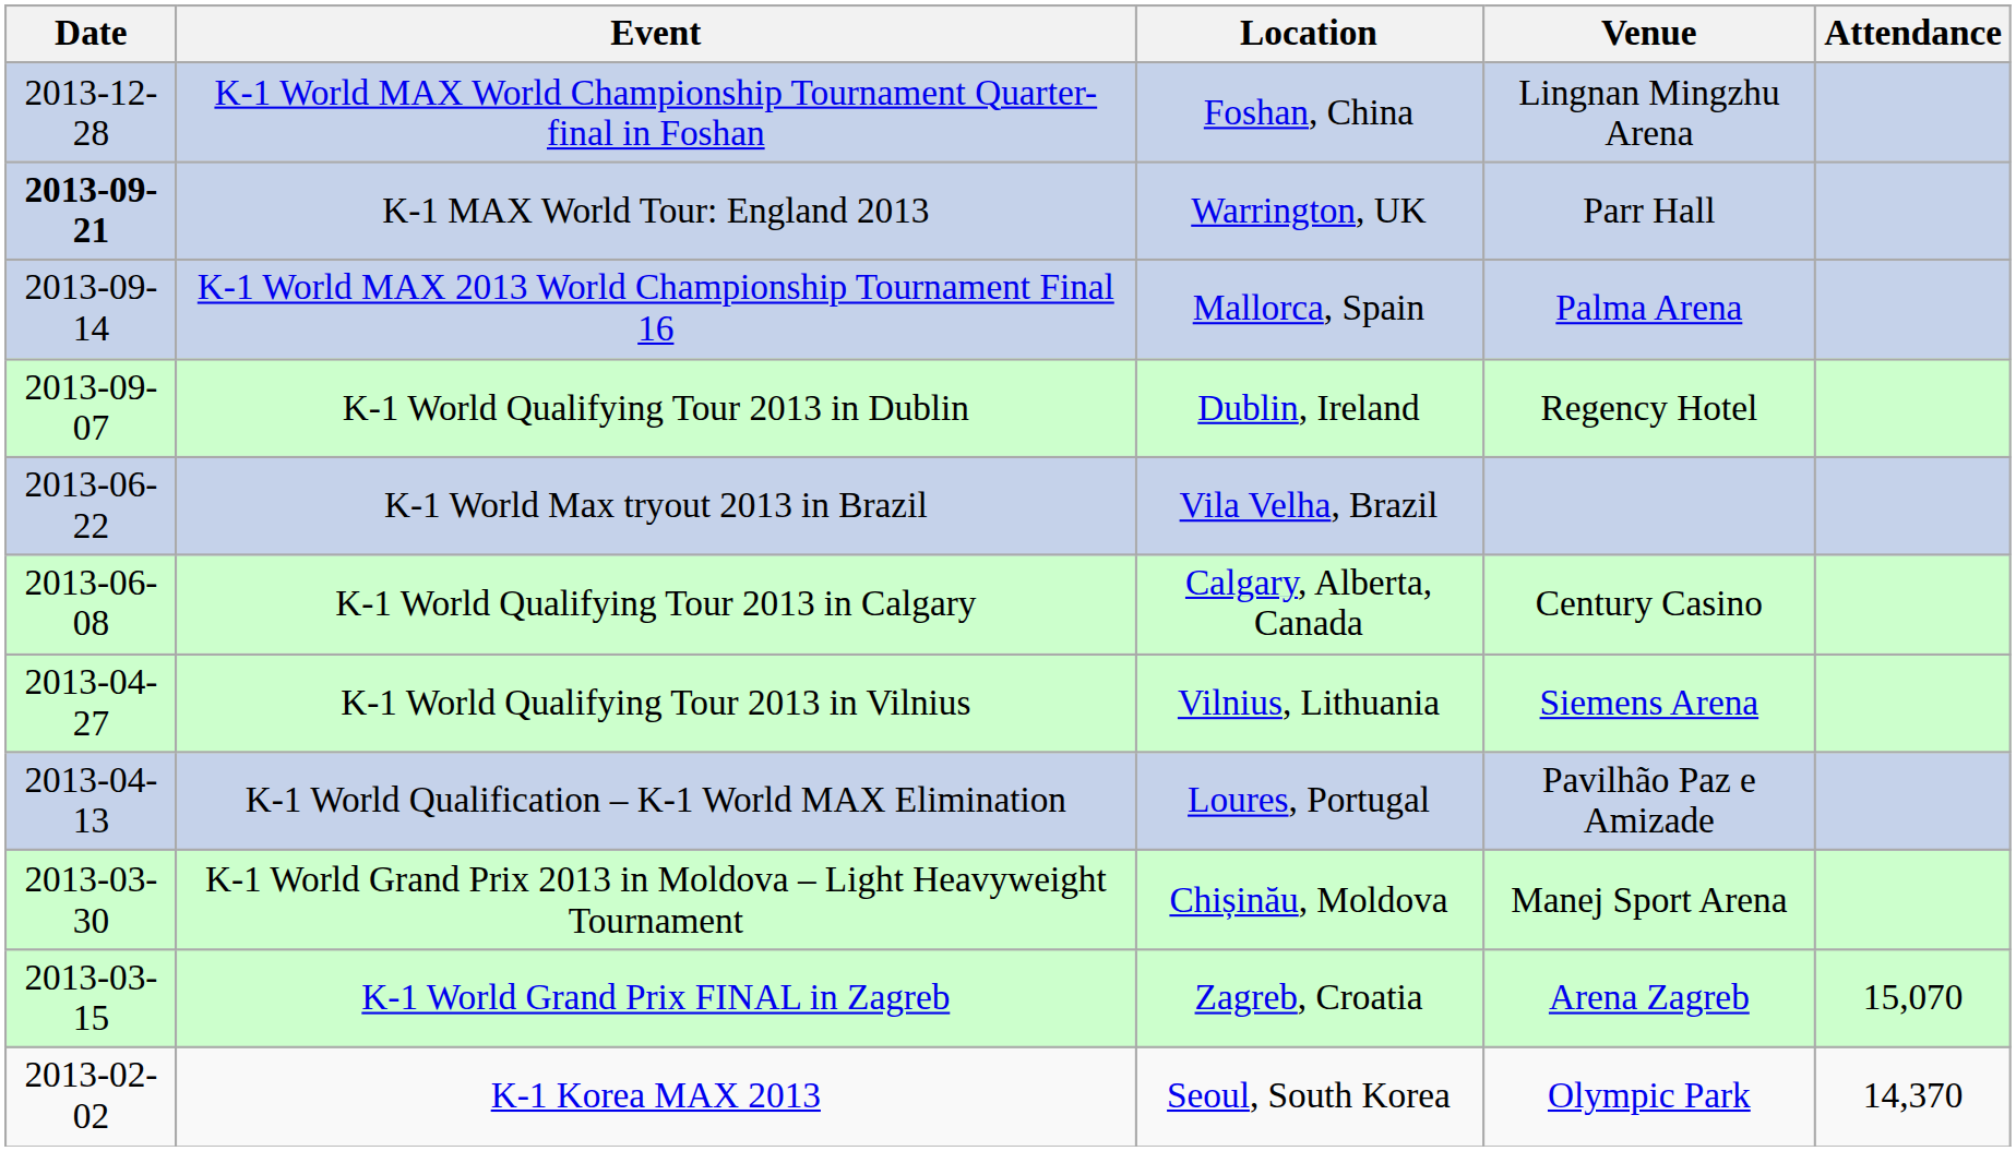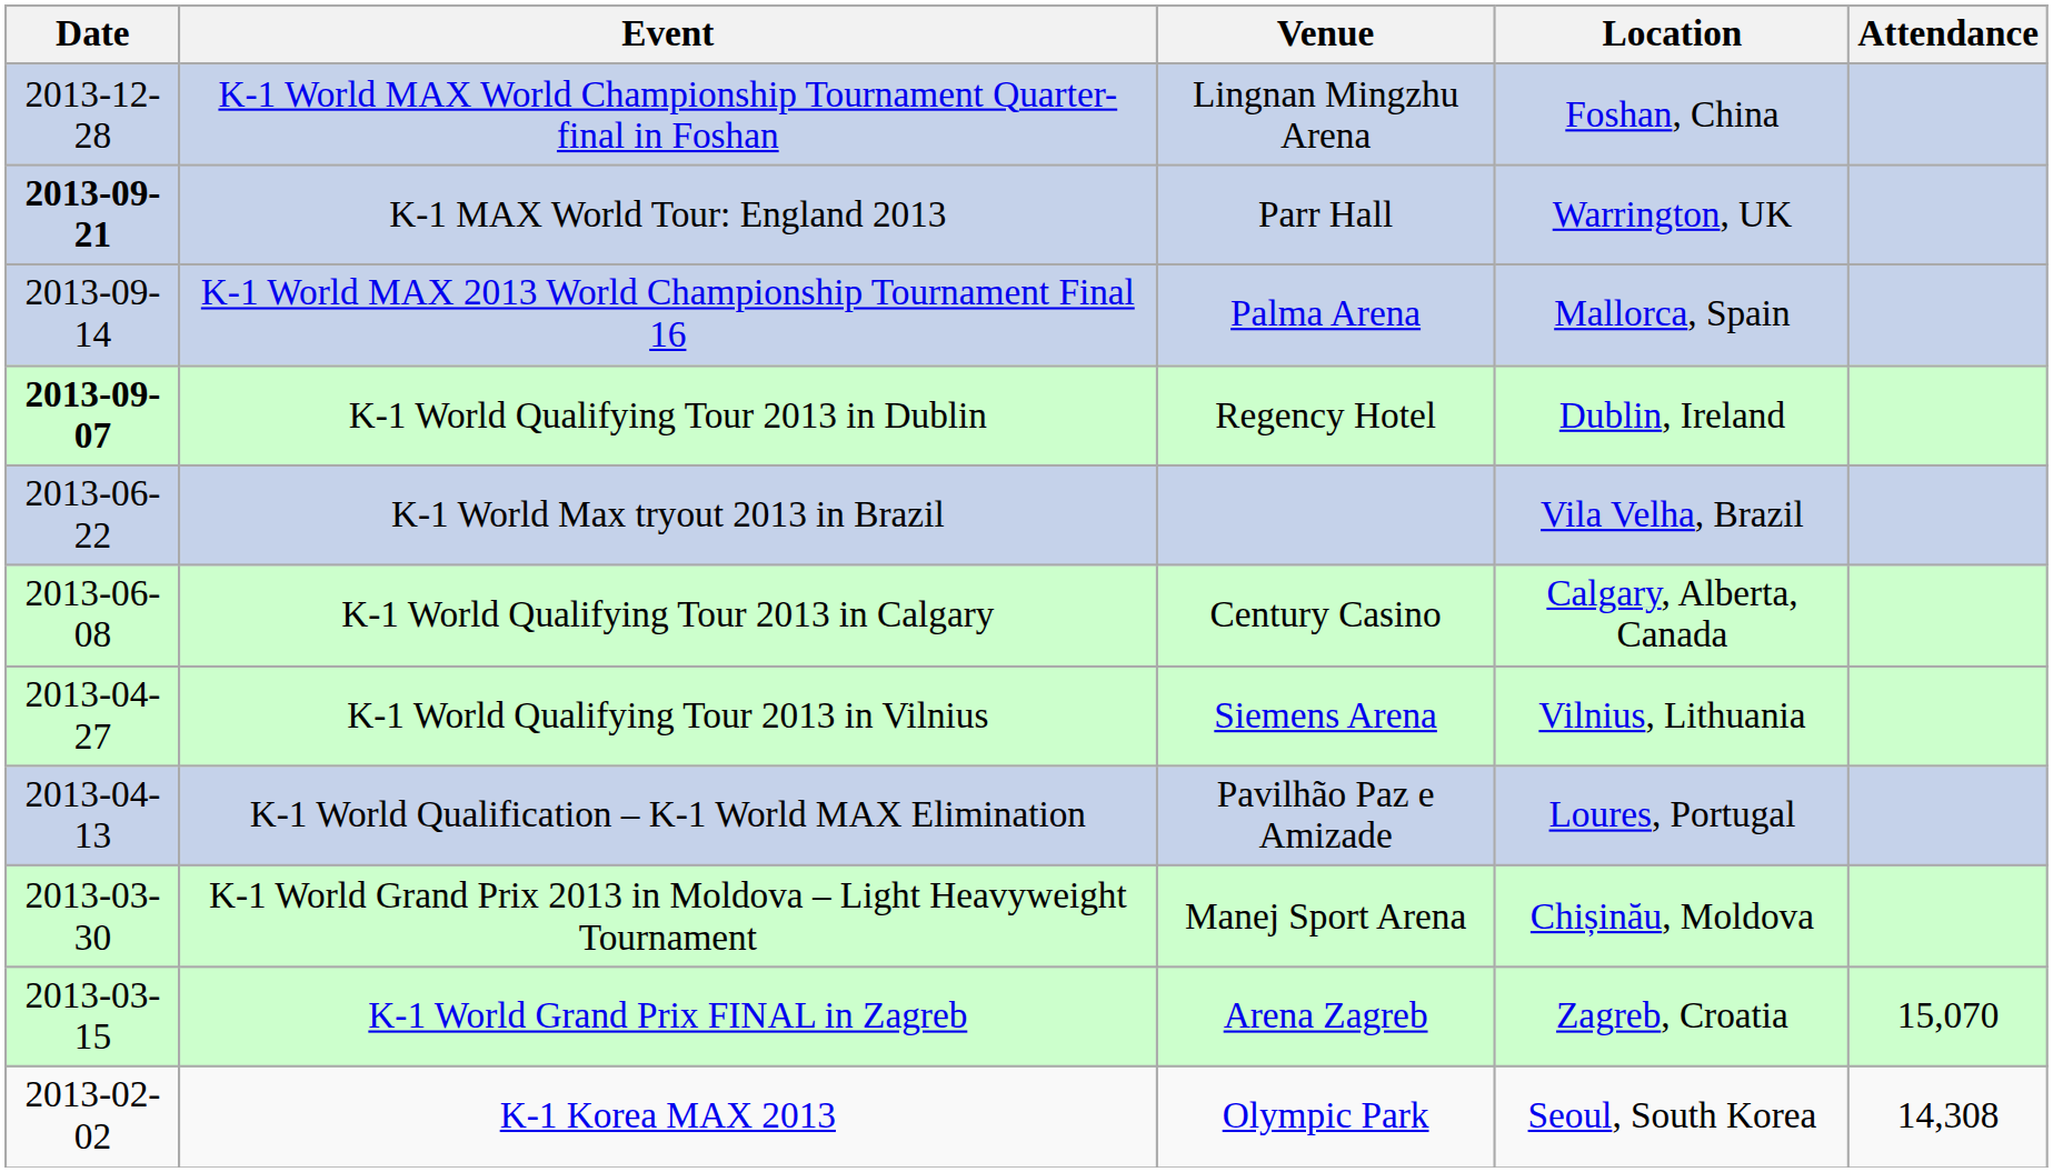 <table class="wikitable" style="width:100%; text-align:center">
 <tr>
 <th>Date</th>
 <th>Event</th>
+<th>Venue</th>
 <th>Location</th>
-<th>Venue</th>
 <th>Attendance</th>
 </tr>
 <tr style="background:#C5D2EA">
 <td>2013-12-28</td>
 <td><a href='#'>K-1 World MAX World Championship Tournament Quarter-final in Foshan</a></td>
+<td>Lingnan Mingzhu Arena</td>
 <td> <a href='#'>Foshan</a>, China</td>
-<td>Lingnan Mingzhu Arena</td>
 <td></td>
 </tr>
 <tr style="background:#C5D2EA">
 <td><strong>2013-09-21</strong></td>
 <td>K-1 MAX World Tour: England 2013</td>
+<td>Parr Hall</td>
 <td> <a href='#'>Warrington</a>, UK</td>
-<td>Parr Hall</td>
 <td></td>
 </tr>
 <tr style="background:#C5D2EA">
 <td>2013-09-14</td>
 <td><a href='#'>K-1 World MAX 2013 World Championship Tournament Final 16</a></td>
+<td><a href='#'>Palma Arena</a></td>
 <td> <a href='#'>Mallorca</a>, Spain</td>
-<td><a href='#'>Palma Arena</a></td>
 <td></td>
 </tr>
 <tr style="background:#CCFFCC">
-<td>2013-09-07</td>
+<td><strong>2013-09-07</strong></td>
 <td>K-1 World Qualifying Tour 2013 in Dublin</td>
+<td>Regency Hotel</td>
 <td> <a href='#'>Dublin</a>, Ireland</td>
-<td>Regency Hotel</td>
 <td></td>
 </tr>
 <tr style="background:#C5D2EA">
 <td>2013-06-22</td>
 <td>K-1 World Max tryout 2013 in Brazil</td>
+<td></td>
 <td> <a href='#'>Vila Velha</a>, Brazil</td>
-<td></td>
 <td></td>
 </tr>
 <tr style="background:#CCFFCC">
 <td>2013-06-08</td>
 <td>K-1 World Qualifying Tour 2013 in Calgary</td>
+<td>Century Casino</td>
 <td> <a href='#'>Calgary</a>, Alberta, Canada</td>
-<td>Century Casino</td>
 <td></td>
 </tr>
 <tr style="background:#CCFFCC">
 <td>2013-04-27</td>
 <td>K-1 World Qualifying Tour 2013 in Vilnius</td>
+<td><a href='#'>Siemens Arena</a></td>
 <td> <a href='#'>Vilnius</a>, Lithuania</td>
-<td><a href='#'>Siemens Arena</a></td>
 <td></td>
 </tr>
 <tr style="background:#C5D2EA">
 <td>2013-04-13</td>
 <td>K-1 World Qualification – K-1 World MAX Elimination</td>
+<td>Pavilhão Paz e Amizade</td>
 <td> <a href='#'>Loures</a>, Portugal</td>
-<td>Pavilhão Paz e Amizade</td>
 <td></td>
 </tr>
 <tr style="background:#CCFFCC">
 <td>2013-03-30</td>
 <td>K-1 World Grand Prix 2013 in Moldova – Light Heavyweight Tournament</td>
+<td>Manej Sport Arena</td>
 <td> <a href='#'>Chișinău</a>, Moldova</td>
-<td>Manej Sport Arena</td>
 <td></td>
 </tr>
 <tr style="background:#CCFFCC">
 <td>2013-03-15</td>
 <td><a href='#'>K-1 World Grand Prix FINAL in Zagreb</a></td>
+<td><a href='#'>Arena Zagreb</a></td>
 <td> <a href='#'>Zagreb</a>, Croatia</td>
-<td><a href='#'>Arena Zagreb</a></td>
 <td>15,070</td>
 </tr>
 <tr style="background:">
 <td>2013-02-02</td>
 <td><a href='#'>K-1 Korea MAX 2013</a></td>
+<td><a href='#'>Olympic Park</a></td>
 <td> <a href='#'>Seoul</a>, South Korea</td>
-<td><a href='#'>Olympic Park</a></td>
-<td>14,370</td>
+<td>14,308</td>
 </tr>
 </table>
